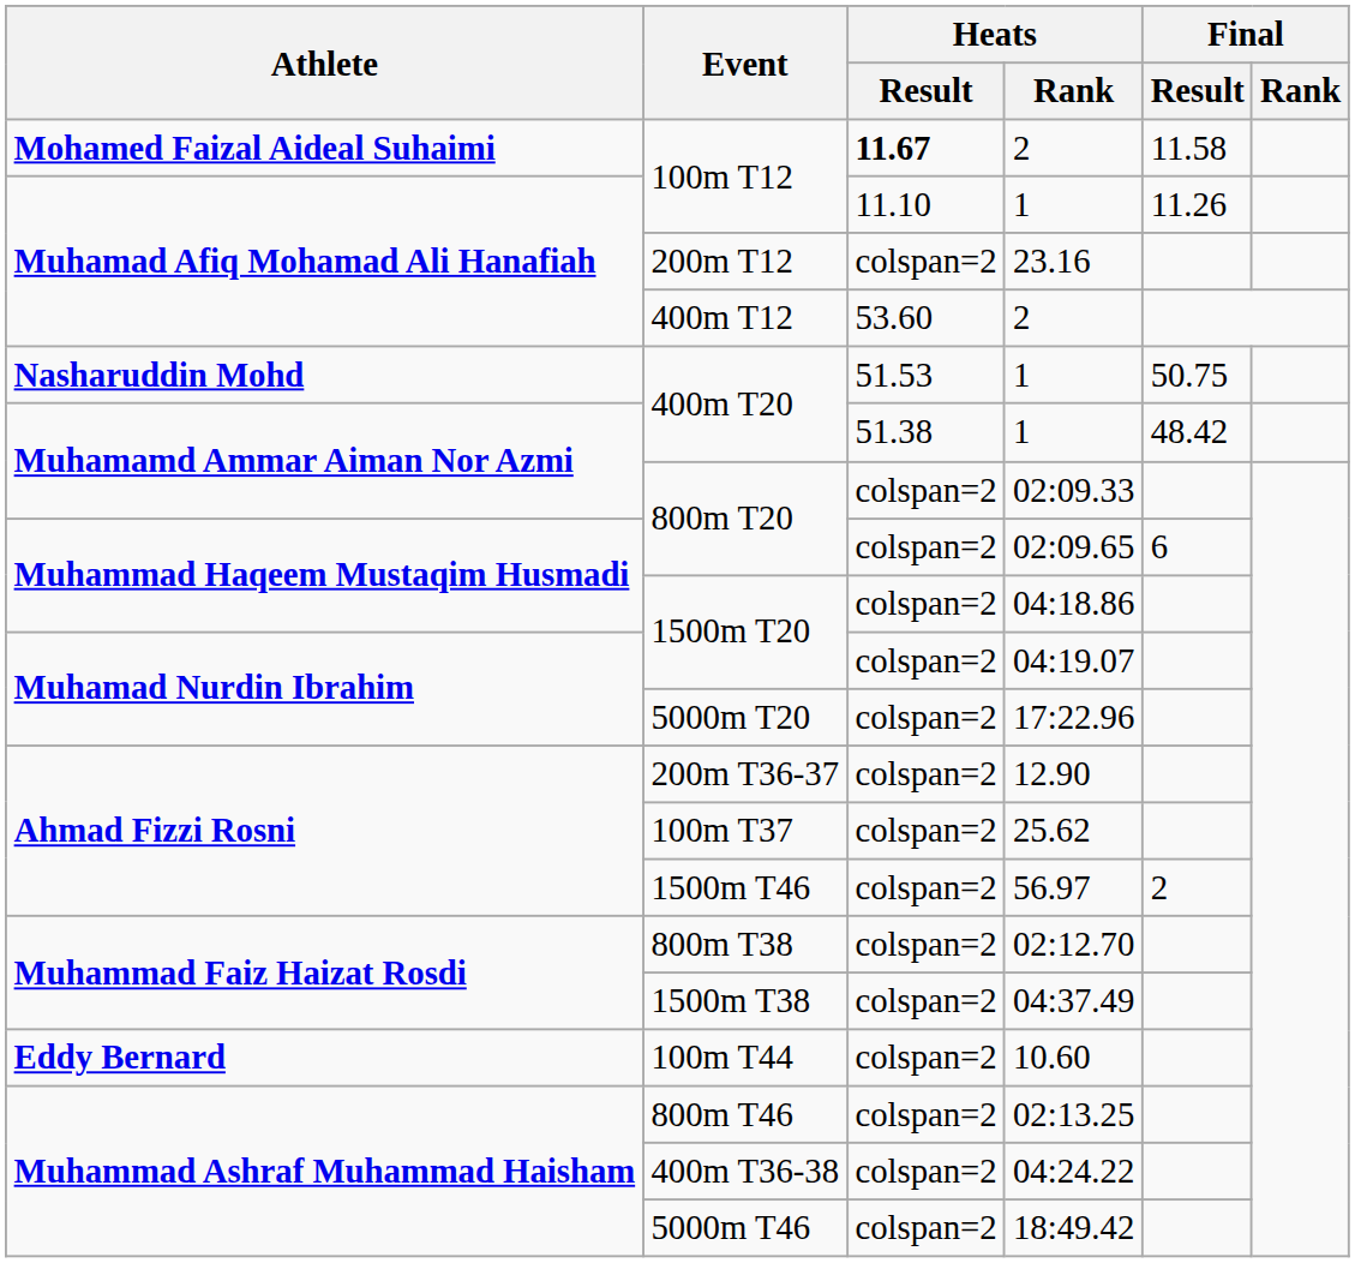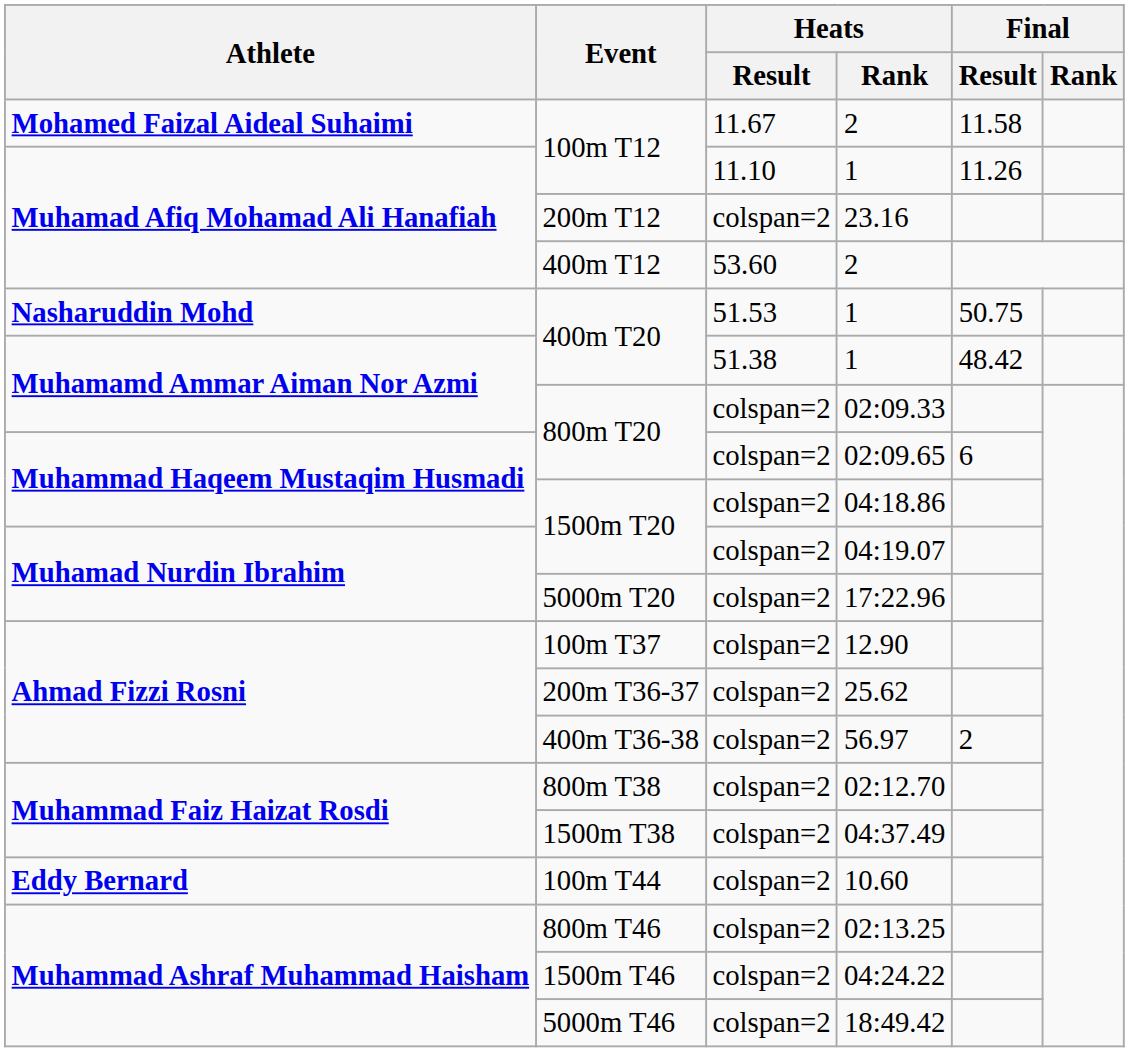 <table class=wikitable style="font-size:95%" style="text-align:center">
 <tr>
 <th rowspan="2">Athlete</th>
 <th rowspan="2">Event</th>
 <th colspan="2">Heats</th>
 <th colspan="2">Final</th>
 </tr>
 <tr>
 <th>Result</th>
 <th>Rank</th>
 <th>Result</th>
 <th>Rank</th>
 </tr>
 <tr>
 <td align=left><strong><a href='#'>Mohamed Faizal Aideal Suhaimi</a></strong></td>
 <td align=left rowspan=2>100m T12</td>
-<td><strong>11.67</strong></td>
+<td>11.67</td>
 <td>2</td>
 <td>11.58</td>
 <td></td>
 </tr>
 <tr>
 <td align=left rowspan=3><strong><a href='#'>Muhamad Afiq Mohamad Ali Hanafiah</a></strong></td>
 <td>11.10</td>
 <td>1</td>
 <td>11.26</td>
 <td></td>
 </tr>
 <tr>
 <td align=left>200m T12</td>
 <td>colspan=2 </td>
 <td>23.16</td>
 <td></td>
 </tr>
 <tr>
 <td align=left>400m T12</td>
 <td>53.60</td>
 <td>2</td>
 <td align="center" colspan=2></td>
 </tr>
 <tr>
 <td align=left><strong><a href='#'>Nasharuddin Mohd</a></strong></td>
 <td align=left rowspan=2>400m T20</td>
 <td>51.53</td>
 <td>1</td>
 <td>50.75</td>
 <td></td>
 </tr>
 <tr>
 <td align=left rowspan=2><strong><a href='#'>Muhamamd Ammar Aiman Nor Azmi</a></strong></td>
 <td>51.38</td>
 <td>1</td>
 <td>48.42</td>
 <td></td>
 </tr>
 <tr>
 <td align=left rowspan=2>800m T20</td>
 <td>colspan=2 </td>
 <td>02:09.33</td>
 <td></td>
 </tr>
 <tr>
 <td align=left rowspan=2><strong><a href='#'>Muhammad Haqeem Mustaqim Husmadi</a></strong></td>
 <td>colspan=2 </td>
 <td>02:09.65</td>
 <td>6</td>
 </tr>
 <tr>
 <td align=left rowspan=2>1500m T20</td>
 <td>colspan=2 </td>
 <td>04:18.86</td>
 <td></td>
 </tr>
 <tr>
 <td align=left rowspan=2><strong><a href='#'>Muhamad Nurdin Ibrahim</a></strong></td>
 <td>colspan=2 </td>
 <td>04:19.07</td>
 <td></td>
 </tr>
 <tr>
 <td align=left>5000m T20</td>
 <td>colspan=2 </td>
 <td>17:22.96</td>
 <td></td>
 </tr>
 <tr>
 <td align=left rowspan=3><strong><a href='#'>Ahmad Fizzi Rosni</a></strong></td>
-<td align=left>200m T36-37</td>
+<td align=left>100m T37</td>
 <td>colspan=2 </td>
 <td>12.90</td>
 <td></td>
 </tr>
 <tr>
-<td align=left>100m T37</td>
+<td align=left>200m T36-37</td>
 <td>colspan=2 </td>
 <td>25.62</td>
 <td></td>
 </tr>
 <tr>
-<td align=left>1500m T46</td>
+<td align=left>400m T36-38</td>
 <td>colspan=2 </td>
 <td>56.97</td>
 <td>2</td>
 </tr>
 <tr>
 <td align=left rowspan=2><strong><a href='#'>Muhammad Faiz Haizat Rosdi</a></strong></td>
 <td align=left>800m T38</td>
 <td>colspan=2 </td>
 <td>02:12.70</td>
 <td></td>
 </tr>
 <tr>
 <td align=left>1500m T38</td>
 <td>colspan=2 </td>
 <td>04:37.49</td>
 <td></td>
 </tr>
 <tr>
 <td align=left><strong><a href='#'>Eddy Bernard</a></strong></td>
 <td align=left>100m T44</td>
 <td>colspan=2 </td>
 <td>10.60</td>
 <td></td>
 </tr>
 <tr>
 <td align=left rowspan=3><strong><a href='#'>Muhammad Ashraf Muhammad Haisham</a></strong></td>
 <td align=left>800m T46</td>
 <td>colspan=2 </td>
 <td>02:13.25</td>
 <td></td>
 </tr>
 <tr>
-<td align=left>400m T36-38</td>
+<td align=left>1500m T46</td>
 <td>colspan=2 </td>
 <td>04:24.22</td>
 <td></td>
 </tr>
 <tr>
 <td align=left>5000m T46</td>
 <td>colspan=2 </td>
 <td>18:49.42</td>
 <td></td>
 </tr>
 </table>
